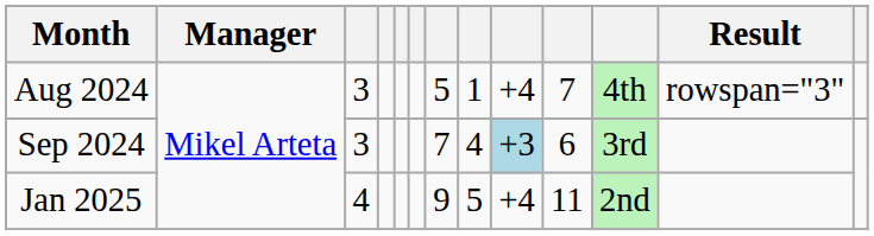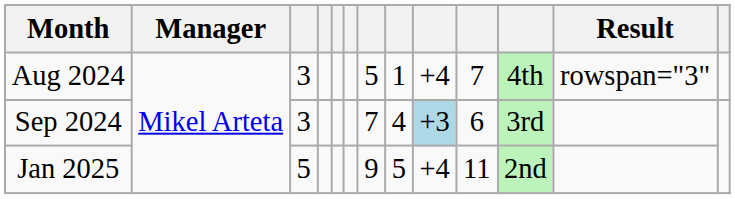 <table class="wikitable sortable" style="text-align:center; font-size:90%;">
 <tr>
 <th>Month</th>
 <th class="unsortable">Manager</th>
 <th></th>
 <th></th>
 <th></th>
 <th></th>
 <th></th>
 <th></th>
 <th></th>
 <th></th>
 <th></th>
 <th>Result</th>
 <th class="unsortable"></th>
 </tr>
 <tr>
 <td data-sort-value="1">Aug 2024</td>
 <td rowspan="3" style="text-align:left;"> <a href='#'>Mikel Arteta</a></td>
 <td>3</td>
 <td></td>
 <td></td>
 <td></td>
 <td>5</td>
 <td>1</td>
 <td>+4</td>
 <td>7</td>
 <td style="background:#bbf3bb;">4th</td>
 <td>rowspan="3" </td>
 <td></td>
 </tr>
 <tr>
 <td data-sort-value="2">Sep 2024</td>
 <td>3</td>
 <td></td>
 <td></td>
 <td></td>
 <td>7</td>
 <td>4</td>
 <td style="background: lightblue;">+3</td>
 <td>6</td>
 <td style="background:#bbf3bb;">3rd</td>
 <td></td>
 </tr>
 <tr>
 <td data-sort-value="3">Jan 2025</td>
-<td>4</td>
+<td>5</td>
 <td></td>
 <td></td>
 <td></td>
 <td>9</td>
 <td>5</td>
 <td>+4</td>
 <td>11</td>
 <td style="background:#bbf3bb;">2nd</td>
 <td></td>
 </tr>
 </table>
